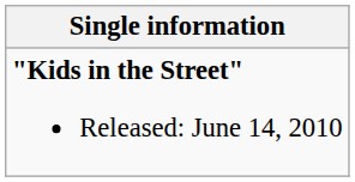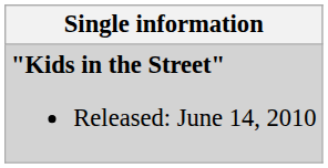 <table class="wikitable">
 <tr>
 <th>Single information</th>
 </tr>
 <tr>
-<td><strong>"Kids in the Street"</strong><br><ul><li>Released: June 14, 2010</li></ul></td>
+<td style="background: lightgrey;"><strong>"Kids in the Street"</strong><br><ul><li>Released: June 14, 2010</li></ul></td>
 </tr>
 </table>
